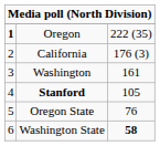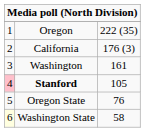 <table class="wikitable" style="display: inline-table;">
 <tr>
 <td align="center" Colspan="3"><strong>Media poll (North Division)</strong></td>
 </tr>
 <tr align="center">
 </tr>
 <tr align="center">
-<td><strong>1</strong></td>
+<td>1</td>
 <td>Oregon</td>
 <td>222 (35)</td>
 </tr>
 <tr align="center">
 <td>2</td>
 <td>California</td>
 <td>176 (3)</td>
 </tr>
 <tr align="center">
 <td>3</td>
 <td>Washington</td>
 <td>161</td>
 </tr>
 <tr align="center">
-<td>4</td>
+<td style="background: pink;">4</td>
 <td><strong>Stanford</strong></td>
 <td>105</td>
 </tr>
 <tr align="center">
 <td>5</td>
 <td>Oregon State</td>
 <td>76</td>
 </tr>
 <tr align="center">
-<td>6</td>
+<td style="background: lightyellow;">6</td>
 <td>Washington State</td>
-<td><strong>58</strong></td>
+<td>58</td>
 </tr>
 </table>
